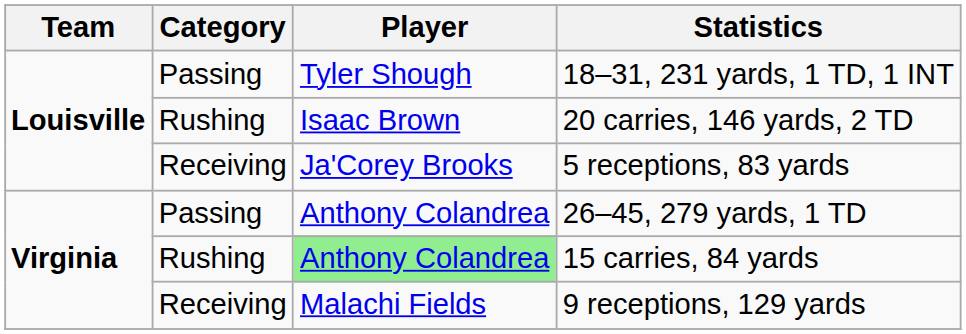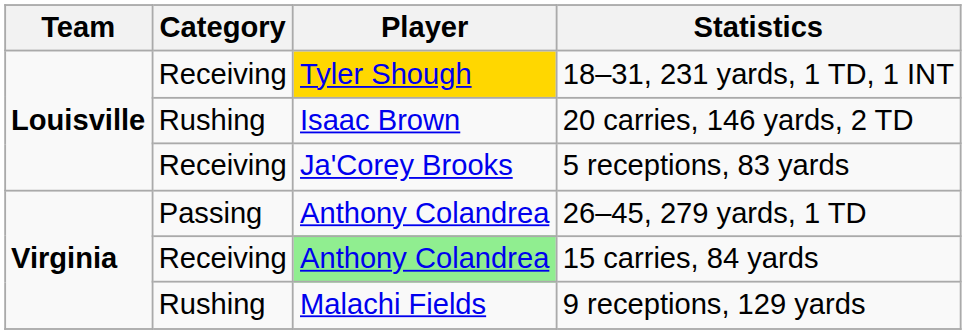 <table class="wikitable" style="float: right;">
 <tr>
 <th>Team</th>
 <th>Category</th>
 <th>Player</th>
 <th>Statistics</th>
 </tr>
 <tr>
 <td rowspan=3><strong>Louisville</strong></td>
-<td>Passing</td>
-<td><a href='#'>Tyler Shough</a></td>
+<td>Receiving</td>
+<td style="background: gold;"><a href='#'>Tyler Shough</a></td>
 <td>18–31, 231 yards, 1 TD, 1 INT</td>
 </tr>
 <tr>
 <td>Rushing</td>
 <td><a href='#'>Isaac Brown</a></td>
 <td>20 carries, 146 yards, 2 TD</td>
 </tr>
 <tr>
 <td>Receiving</td>
 <td><a href='#'>Ja'Corey Brooks</a></td>
 <td>5 receptions, 83 yards</td>
 </tr>
 <tr>
 <td rowspan=3><strong>Virginia</strong></td>
 <td>Passing</td>
 <td><a href='#'>Anthony Colandrea</a></td>
 <td>26–45, 279 yards, 1 TD</td>
 </tr>
 <tr>
-<td>Rushing</td>
+<td>Receiving</td>
 <td style="background: lightgreen;"><a href='#'>Anthony Colandrea</a></td>
 <td>15 carries, 84 yards</td>
 </tr>
 <tr>
-<td>Receiving</td>
+<td>Rushing</td>
 <td><a href='#'>Malachi Fields</a></td>
 <td>9 receptions, 129 yards</td>
 </tr>
 </table>
